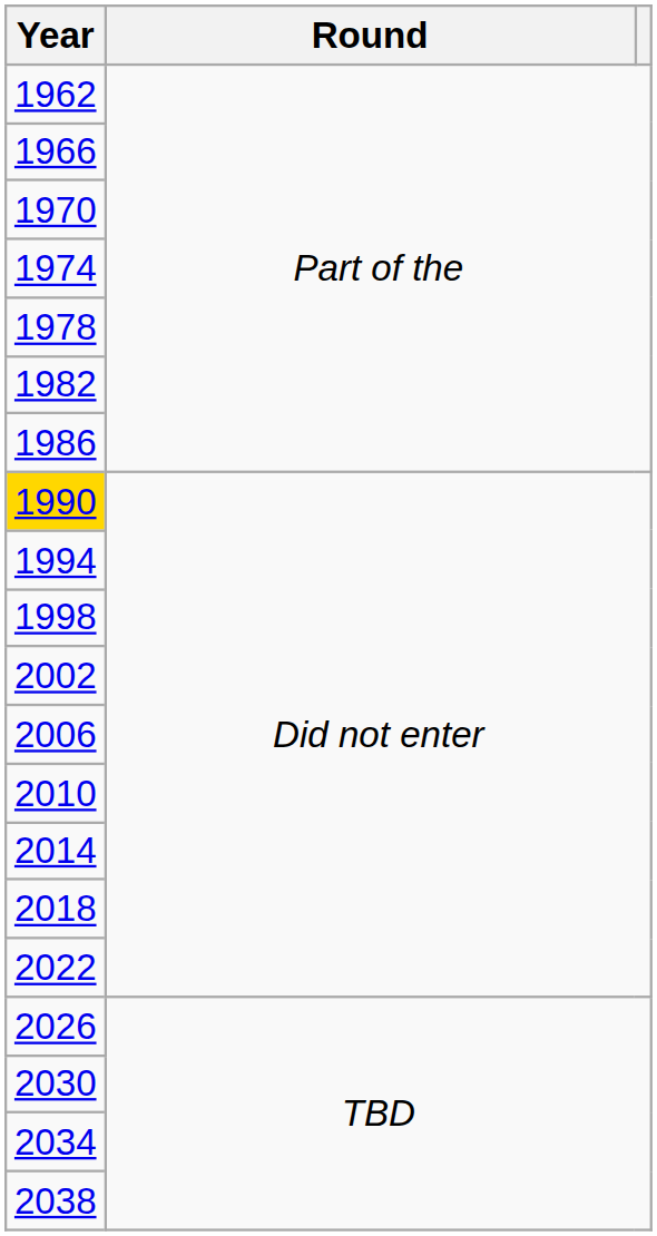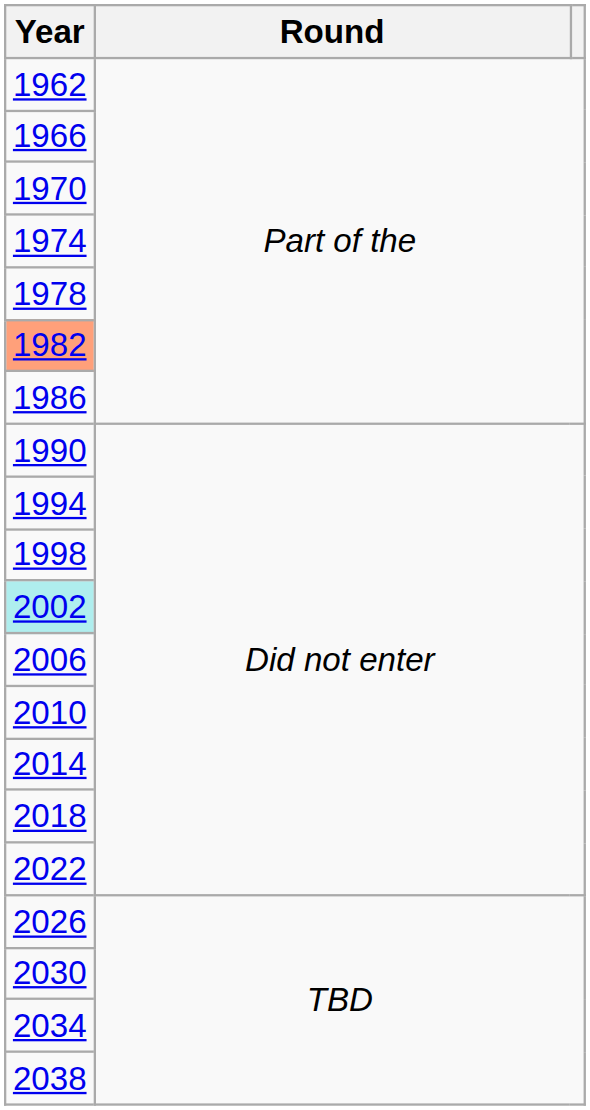 <table class="wikitable" style="text-align: center; font-size:90%">
 <tr>
 <th>Year</th>
 <th style="width:200px">Round</th>
 <th></th>
 </tr>
 <tr>
 <td><a href='#'>1962</a></td>
 <td colspan="2" rowspan="7"><em>Part of the </em></td>
 </tr>
 <tr>
 <td><a href='#'>1966</a></td>
 </tr>
 <tr>
 <td><a href='#'>1970</a></td>
 </tr>
 <tr>
 <td><a href='#'>1974</a></td>
 </tr>
 <tr>
 <td><a href='#'>1978</a></td>
 </tr>
 <tr>
-<td><a href='#'>1982</a></td>
+<td style="background: lightsalmon;"><a href='#'>1982</a></td>
 </tr>
 <tr>
 <td><a href='#'>1986</a></td>
 </tr>
 <tr>
-<td style="background: gold;"><a href='#'>1990</a></td>
+<td><a href='#'>1990</a></td>
 <td colspan="2" rowspan="9"><em>Did not enter</em></td>
 </tr>
 <tr>
 <td><a href='#'>1994</a></td>
 </tr>
 <tr>
 <td><a href='#'>1998</a></td>
 </tr>
 <tr>
-<td><a href='#'>2002</a></td>
+<td style="background: paleturquoise;"><a href='#'>2002</a></td>
 </tr>
 <tr>
 <td><a href='#'>2006</a></td>
 </tr>
 <tr>
 <td><a href='#'>2010</a></td>
 </tr>
 <tr>
 <td><a href='#'>2014</a></td>
 </tr>
 <tr>
 <td><a href='#'>2018</a></td>
 </tr>
 <tr>
 <td><a href='#'>2022</a></td>
 </tr>
 <tr>
 <td><a href='#'>2026</a></td>
 <td colspan="2" rowspan="4"><em>TBD</em></td>
 </tr>
 <tr>
 <td><a href='#'>2030</a></td>
 </tr>
 <tr>
 <td><a href='#'>2034</a></td>
 </tr>
 <tr>
 <td><a href='#'>2038</a></td>
 </tr>
 </table>
